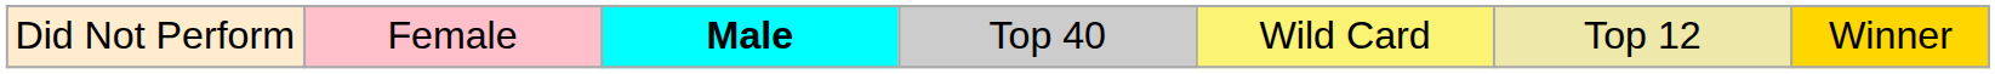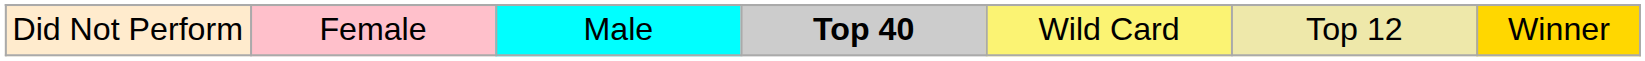 <table class="wikitable" style="margin:1em auto; text-align:center;">
 <tr>
 </tr>
 <tr>
 <td style="background:#FFEBCD;" width="15%">Did Not Perform</td>
 <td style="background:pink;" width="15%">Female</td>
-<td style="background:cyan;" width="15%"><strong>Male</strong></td>
-<td style="background:#CCCCCC;" width="15%">Top 40</td>
+<td style="background:cyan;" width="15%">Male</td>
+<td style="background:#CCCCCC;" width="15%"><strong>Top 40</strong></td>
 <td style="background:#fbf373; width:15%;">Wild Card</td>
 <td style="background:palegoldenrod;" width="15%">Top 12</td>
 <td style="background:gold;" width="15%">Winner</td>
 </tr>
 </table>
